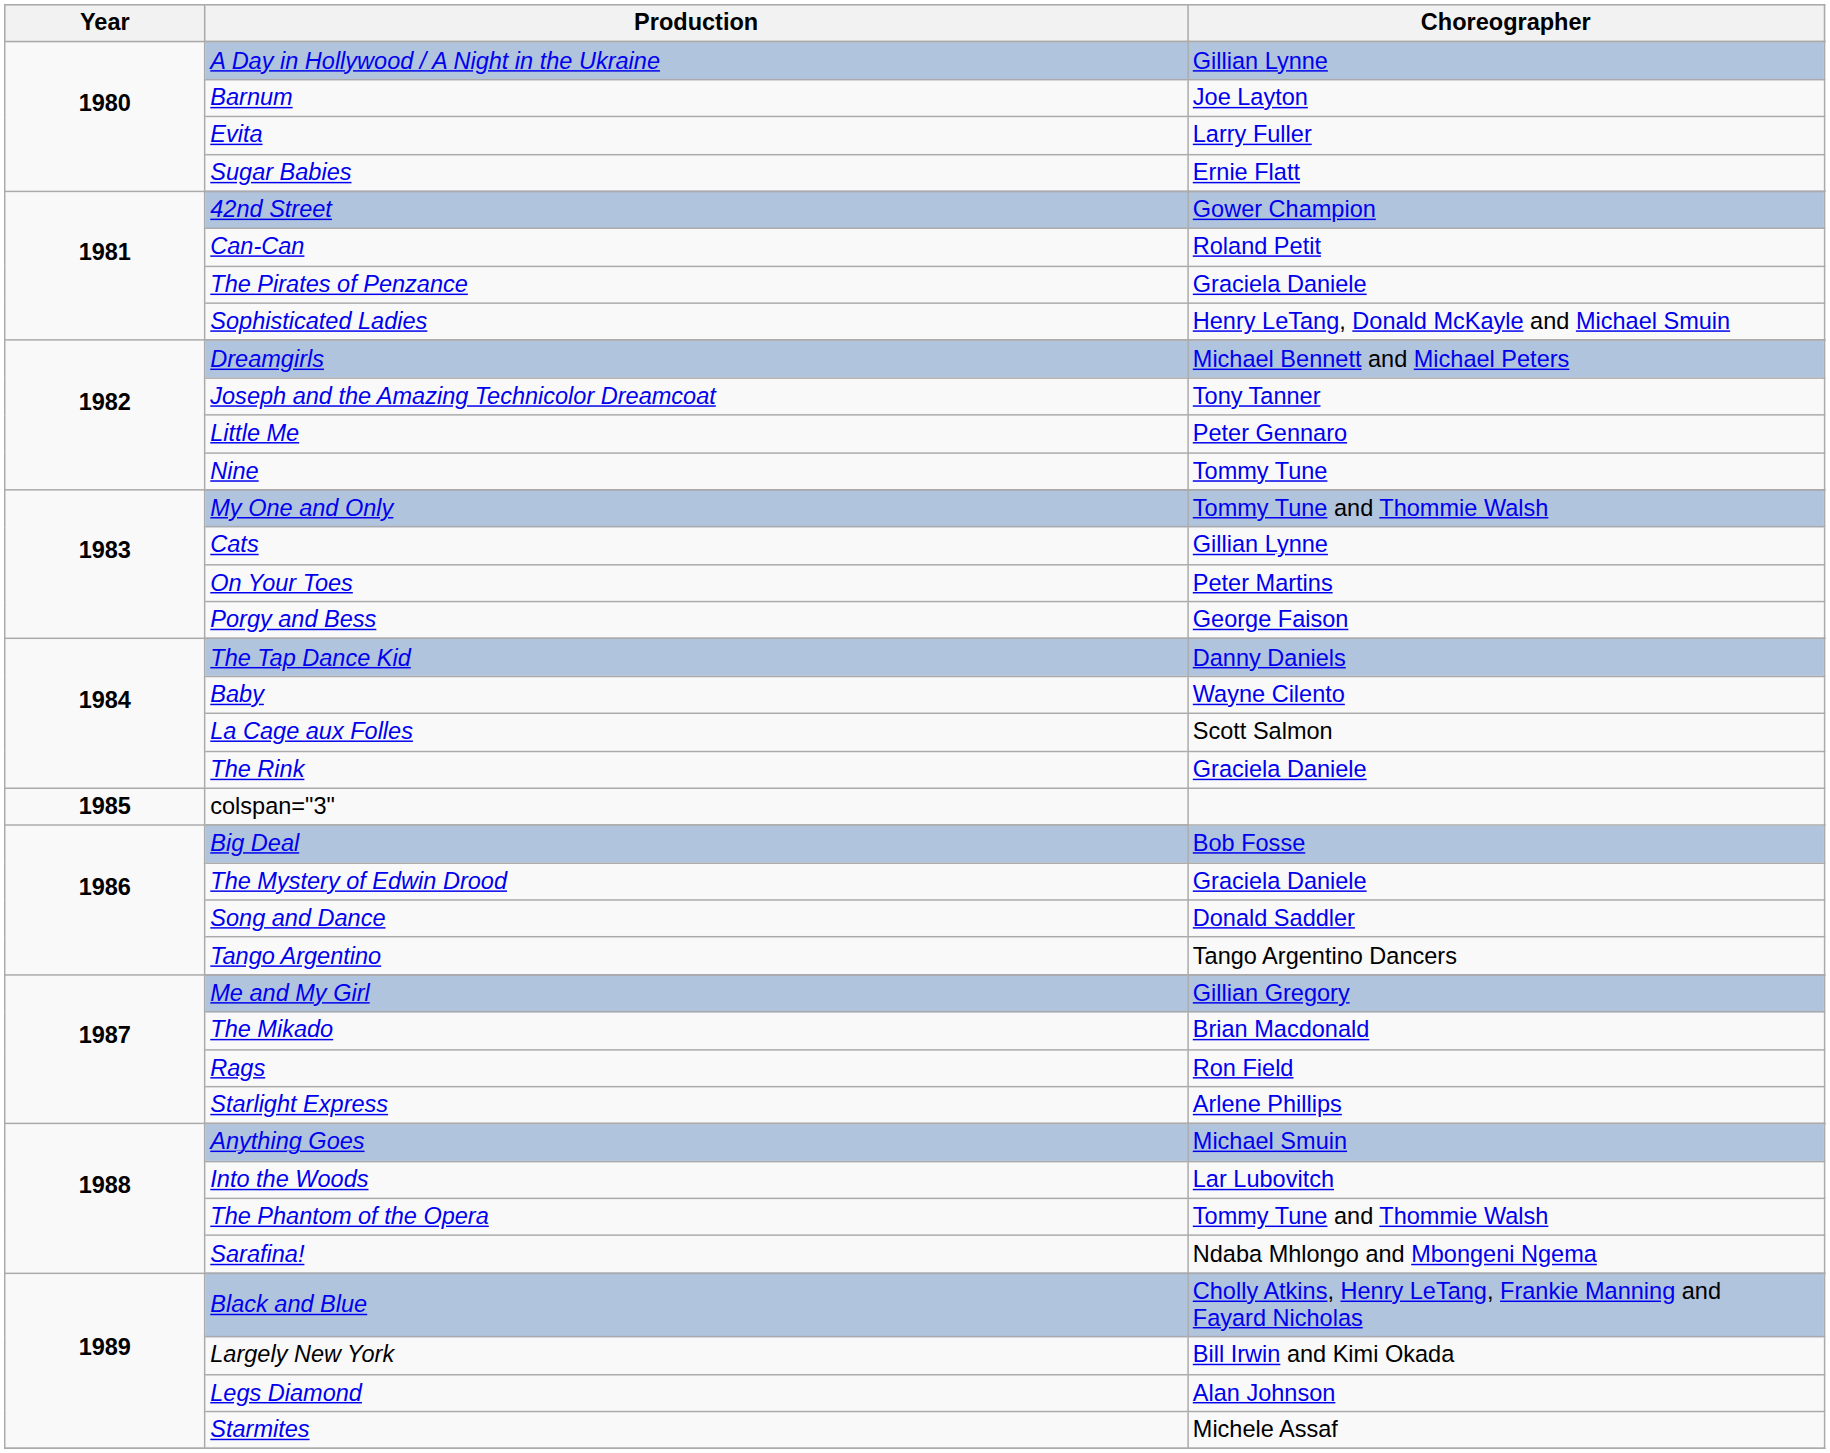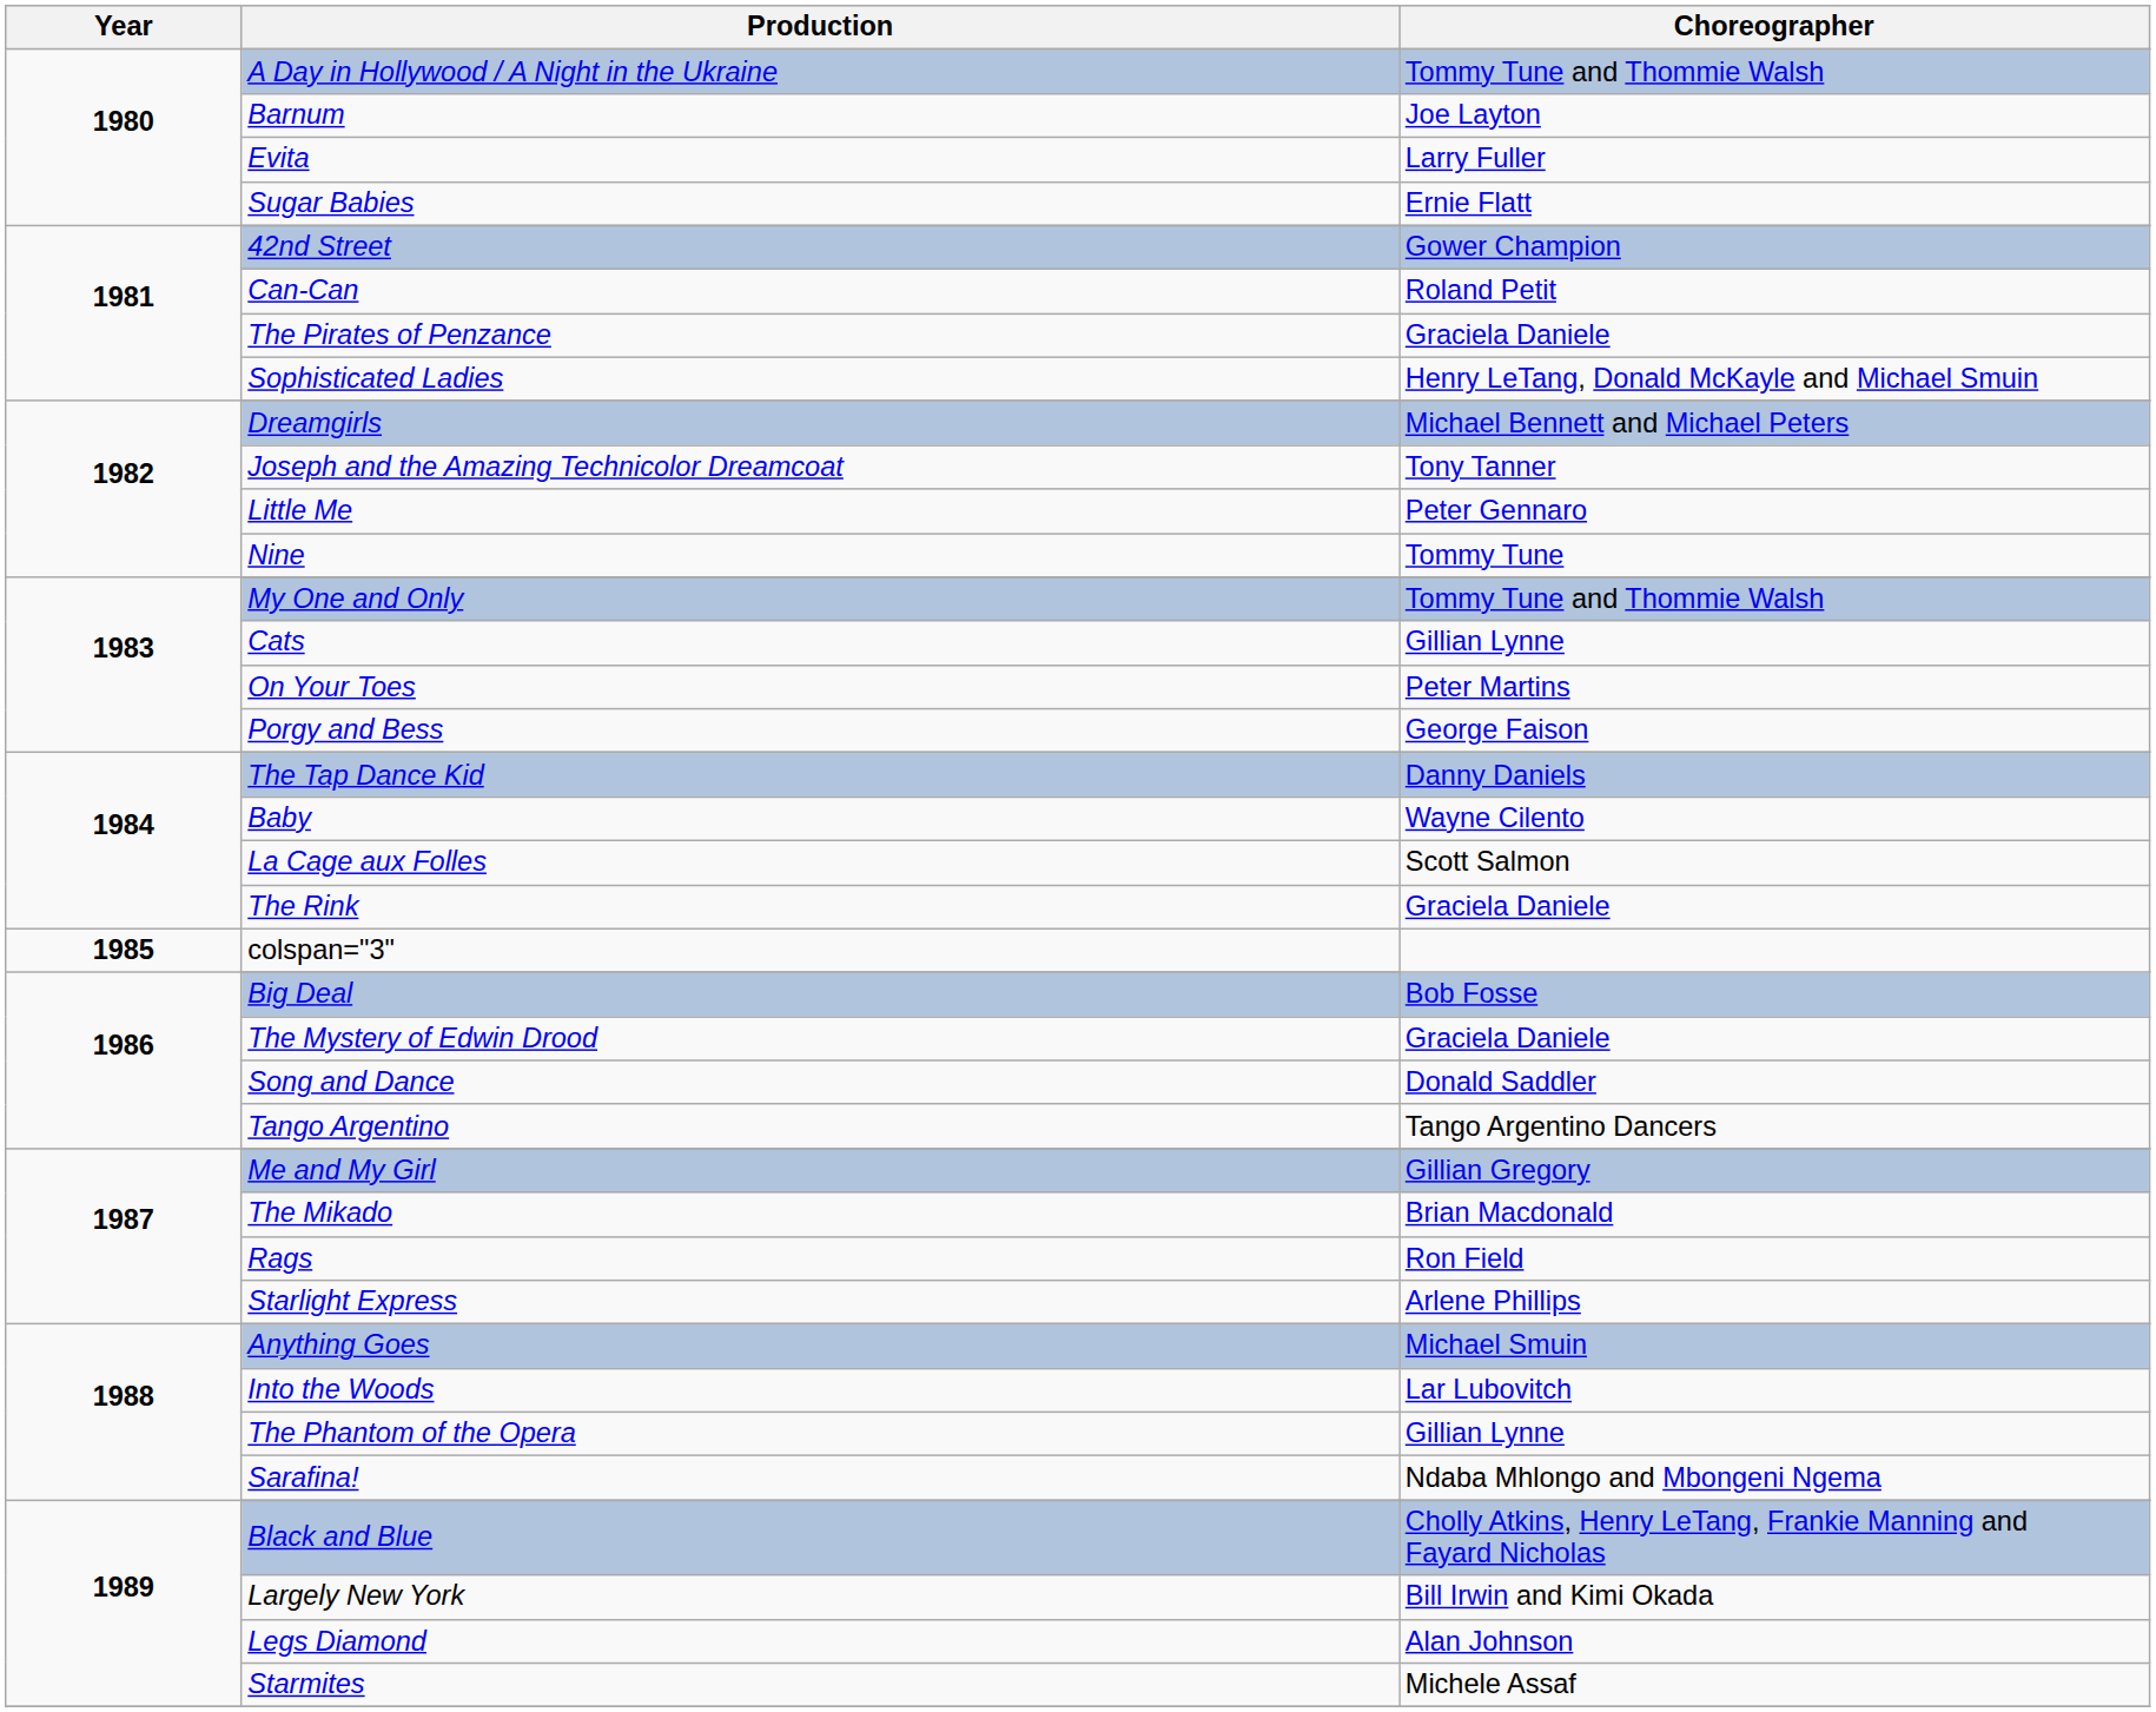 <table class="wikitable" style="width:98%;">
 <tr style="background:#bebebe;">
 <th style="width:11%;">Year</th>
 <th style="width:54%;">Production</th>
 <th style="width:35%;">Choreographer</th>
 </tr>
 <tr>
 <td rowspan="5" align="center"><strong>1980</strong><br><br></td>
 </tr>
 <tr style="background:#B0C4DE">
 <td><em><a href='#'>A Day in Hollywood / A Night in the Ukraine</a></em></td>
-<td><a href='#'>Gillian Lynne</a></td>
+<td><a href='#'>Tommy Tune</a> and <a href='#'>Thommie Walsh</a></td>
 </tr>
 <tr>
 <td><em><a href='#'>Barnum</a></em></td>
 <td><a href='#'>Joe Layton</a></td>
 </tr>
 <tr>
 <td><em><a href='#'>Evita</a></em></td>
 <td><a href='#'>Larry Fuller</a></td>
 </tr>
 <tr>
 <td><em><a href='#'>Sugar Babies</a></em></td>
 <td><a href='#'>Ernie Flatt</a></td>
 </tr>
 <tr>
 <td rowspan="5" align="center"><strong>1981</strong><br><br></td>
 </tr>
 <tr style="background:#B0C4DE">
 <td><em><a href='#'>42nd Street</a></em></td>
 <td><a href='#'>Gower Champion</a></td>
 </tr>
 <tr>
 <td><em><a href='#'>Can-Can</a></em></td>
 <td><a href='#'>Roland Petit</a></td>
 </tr>
 <tr>
 <td><em><a href='#'>The Pirates of Penzance</a></em></td>
 <td><a href='#'>Graciela Daniele</a></td>
 </tr>
 <tr>
 <td><em><a href='#'>Sophisticated Ladies</a></em></td>
 <td><a href='#'>Henry LeTang</a>, <a href='#'>Donald McKayle</a> and <a href='#'>Michael Smuin</a></td>
 </tr>
 <tr>
 <td rowspan="5" align="center"><strong>1982</strong><br><br></td>
 </tr>
 <tr style="background:#B0C4DE">
 <td><em><a href='#'>Dreamgirls</a></em></td>
 <td><a href='#'>Michael Bennett</a> and <a href='#'>Michael Peters</a></td>
 </tr>
 <tr>
 <td><em><a href='#'>Joseph and the Amazing Technicolor Dreamcoat</a></em></td>
 <td><a href='#'>Tony Tanner</a></td>
 </tr>
 <tr>
 <td><em><a href='#'>Little Me</a></em></td>
 <td><a href='#'>Peter Gennaro</a></td>
 </tr>
 <tr>
 <td><em><a href='#'>Nine</a></em></td>
 <td><a href='#'>Tommy Tune</a></td>
 </tr>
 <tr>
 <td rowspan="5" align="center"><strong>1983</strong><br><br></td>
 </tr>
 <tr style="background:#B0C4DE">
 <td><em><a href='#'>My One and Only</a></em></td>
 <td><a href='#'>Tommy Tune</a> and <a href='#'>Thommie Walsh</a></td>
 </tr>
 <tr>
 <td><em><a href='#'>Cats</a></em></td>
 <td><a href='#'>Gillian Lynne</a></td>
 </tr>
 <tr>
 <td><em><a href='#'>On Your Toes</a></em></td>
 <td><a href='#'>Peter Martins</a></td>
 </tr>
 <tr>
 <td><em><a href='#'>Porgy and Bess</a></em></td>
 <td><a href='#'>George Faison</a></td>
 </tr>
 <tr>
 <td rowspan="5" align="center"><strong>1984</strong><br><br></td>
 </tr>
 <tr style="background:#B0C4DE">
 <td><em><a href='#'>The Tap Dance Kid</a></em></td>
 <td><a href='#'>Danny Daniels</a></td>
 </tr>
 <tr>
 <td><em><a href='#'>Baby</a></em></td>
 <td><a href='#'>Wayne Cilento</a></td>
 </tr>
 <tr>
 <td><em><a href='#'>La Cage aux Folles</a></em></td>
 <td>Scott Salmon</td>
 </tr>
 <tr>
 <td><em><a href='#'>The Rink</a></em></td>
 <td><a href='#'>Graciela Daniele</a></td>
 </tr>
 <tr>
 <td align="center"><strong>1985</strong><br></td>
 <td>colspan="3" </td>
 </tr>
 <tr>
 <td rowspan="5" align="center"><strong>1986</strong><br><br></td>
 </tr>
 <tr style="background:#B0C4DE">
 <td><em><a href='#'>Big Deal</a></em></td>
 <td><a href='#'>Bob Fosse</a></td>
 </tr>
 <tr>
 <td><em><a href='#'>The Mystery of Edwin Drood</a></em></td>
 <td><a href='#'>Graciela Daniele</a></td>
 </tr>
 <tr>
 <td><em><a href='#'>Song and Dance</a></em></td>
 <td><a href='#'>Donald Saddler</a></td>
 </tr>
 <tr>
 <td><em><a href='#'>Tango Argentino</a></em></td>
 <td>Tango Argentino Dancers</td>
 </tr>
 <tr>
 <td rowspan="5" align="center"><strong>1987</strong><br><br></td>
 </tr>
 <tr style="background:#B0C4DE">
 <td><em><a href='#'>Me and My Girl</a></em></td>
 <td><a href='#'>Gillian Gregory</a></td>
 </tr>
 <tr>
 <td><em><a href='#'>The Mikado</a></em></td>
 <td><a href='#'>Brian Macdonald</a></td>
 </tr>
 <tr>
 <td><em><a href='#'>Rags</a></em></td>
 <td><a href='#'>Ron Field</a></td>
 </tr>
 <tr>
 <td><em><a href='#'>Starlight Express</a></em></td>
 <td><a href='#'>Arlene Phillips</a></td>
 </tr>
 <tr>
 <td rowspan="5" align="center"><strong>1988</strong><br><br></td>
 </tr>
 <tr style="background:#B0C4DE">
 <td><em><a href='#'>Anything Goes</a></em></td>
 <td><a href='#'>Michael Smuin</a></td>
 </tr>
 <tr>
 <td><em><a href='#'>Into the Woods</a></em></td>
 <td><a href='#'>Lar Lubovitch</a></td>
 </tr>
 <tr>
 <td><em><a href='#'>The Phantom of the Opera</a></em></td>
-<td><a href='#'>Tommy Tune</a> and <a href='#'>Thommie Walsh</a></td>
+<td><a href='#'>Gillian Lynne</a></td>
 </tr>
 <tr>
 <td><em><a href='#'>Sarafina!</a></em></td>
 <td>Ndaba Mhlongo and <a href='#'>Mbongeni Ngema</a></td>
 </tr>
 <tr>
 <td rowspan="5" align="center"><strong>1989</strong><br><br></td>
 </tr>
 <tr style="background:#B0C4DE">
 <td><em><a href='#'>Black and Blue</a></em></td>
 <td><a href='#'>Cholly Atkins</a>, <a href='#'>Henry LeTang</a>, <a href='#'>Frankie Manning</a> and <br><a href='#'>Fayard Nicholas</a></td>
 </tr>
 <tr>
 <td><em>Largely New York</em></td>
 <td><a href='#'>Bill Irwin</a> and Kimi Okada</td>
 </tr>
 <tr>
 <td><em><a href='#'>Legs Diamond</a></em></td>
 <td><a href='#'>Alan Johnson</a></td>
 </tr>
 <tr>
 <td><em><a href='#'>Starmites</a></em></td>
 <td>Michele Assaf</td>
 </tr>
 <tr>
 </tr>
 </table>
